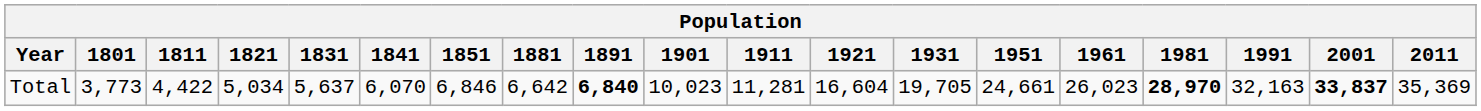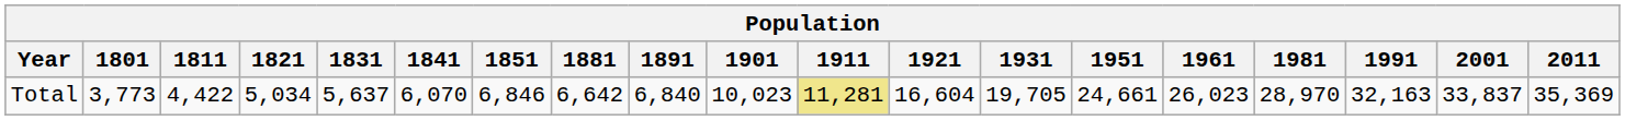 <table class="wikitable" style="margin: 1em auto 1em auto;">
 <tr>
 <th colspan="19">Population</th>
 </tr>
 <tr>
 <th>Year</th>
 <th>1801</th>
 <th>1811</th>
 <th>1821</th>
 <th>1831</th>
 <th>1841</th>
 <th>1851</th>
 <th>1881</th>
 <th>1891</th>
 <th>1901</th>
 <th>1911</th>
 <th>1921</th>
 <th>1931</th>
 <th>1951</th>
 <th>1961</th>
 <th>1981</th>
 <th>1991</th>
 <th>2001</th>
 <th>2011</th>
 </tr>
 <tr>
 <td>Total</td>
 <td>3,773</td>
 <td>4,422</td>
 <td>5,034</td>
 <td>5,637</td>
 <td>6,070</td>
 <td>6,846</td>
 <td>6,642</td>
-<td><strong>6,840</strong></td>
+<td>6,840</td>
 <td>10,023</td>
-<td>11,281</td>
+<td style="background: khaki;">11,281</td>
 <td>16,604</td>
 <td>19,705</td>
 <td>24,661</td>
 <td>26,023</td>
-<td><strong>28,970</strong></td>
+<td>28,970</td>
 <td>32,163</td>
-<td><strong>33,837</strong></td>
+<td>33,837</td>
 <td>35,369</td>
 </tr>
 </table>
